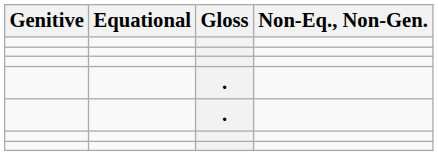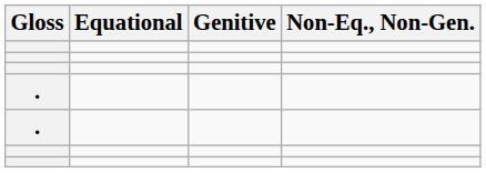 <table class="wikitable">
 <tr>
+<th>Gloss</th>
+<th c=01>Equational</th>
 <th c=02>Genitive</th>
-<th c=01>Equational</th>
-<th>Gloss</th>
 <th c=03>Non-Eq., Non-Gen.</th>
 </tr>
 <tr>
+<th></th>
+<td c=01></td>
 <td c=02></td>
-<td c=01></td>
-<th></th>
 <td c=03></td>
 </tr>
 <tr>
+<th></th>
+<td c=01></td>
 <td c=02></td>
-<td c=01></td>
-<th></th>
 <td c=03></td>
 </tr>
 <tr>
+<th></th>
+<td c=01></td>
 <td c=02></td>
-<td c=01></td>
-<th></th>
 <td c=03></td>
 </tr>
 <tr>
+<th>.</th>
+<td c=01></td>
 <td c=02></td>
-<td c=01></td>
-<th>.</th>
 <td c=03></td>
 </tr>
 <tr>
+<th>.</th>
+<td c=01></td>
 <td c=02></td>
-<td c=01></td>
-<th>.</th>
 <td c=03></td>
 </tr>
 <tr>
+<th></th>
+<td c=01></td>
 <td c=02></td>
-<td c=01></td>
-<th></th>
 <td c=03></td>
 </tr>
 <tr>
+<th></th>
+<td c=01></td>
 <td c=02></td>
-<td c=01></td>
-<th></th>
 <td c=03></td>
 </tr>
 </table>
